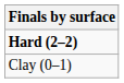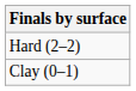 <table class=wikitable style=font-size:90%>
 <tr>
 <th>Finals by surface</th>
 </tr>
 <tr>
-<td><strong>Hard (2–2)</strong></td>
+<td>Hard (2–2)</td>
 </tr>
 <tr>
 <td>Clay (0–1)</td>
 </tr>
 </table>
